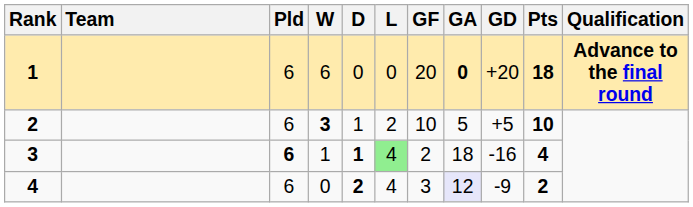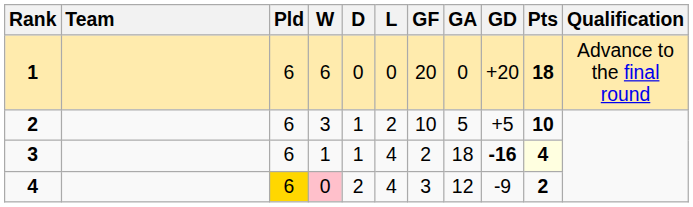 <table class="wikitable" style="text-align: center;">
 <tr>
 <th width=30>Rank</th>
 <th width=165 style="text-align:left;">Team</th>
 <th width=20>Pld</th>
 <th width=20>W</th>
 <th width=20>D</th>
 <th width=20>L</th>
 <th width=20>GF</th>
 <th width=20>GA</th>
 <th width=20>GD</th>
 <th width=20>Pts</th>
 <th width=20>Qualification</th>
 </tr>
 <tr style="background:#ffebad;">
 <td><strong>1</strong></td>
 <td style="text-align:left;"></td>
 <td>6</td>
 <td>6</td>
 <td>0</td>
 <td>0</td>
 <td>20</td>
-<td><strong>0</strong></td>
+<td>0</td>
 <td>+20</td>
 <td><strong>18</strong></td>
-<td><strong>Advance to the <a href='#'>final round</a></strong></td>
+<td>Advance to the <a href='#'>final round</a></td>
 </tr>
 <tr>
 <td><strong>2</strong></td>
 <td style="text-align:left;"></td>
 <td>6</td>
-<td><strong>3</strong></td>
+<td>3</td>
 <td>1</td>
 <td>2</td>
 <td>10</td>
 <td>5</td>
 <td>+5</td>
 <td><strong>10</strong></td>
 </tr>
 <tr>
 <td><strong>3</strong></td>
 <td style="text-align:left;"></td>
-<td><strong>6</strong></td>
+<td>6</td>
 <td>1</td>
-<td><strong>1</strong></td>
-<td style="background: lightgreen;">4</td>
+<td>1</td>
+<td>4</td>
 <td>2</td>
 <td>18</td>
-<td>-16</td>
-<td><strong>4</strong></td>
+<td><strong>-16</strong></td>
+<td style="background: lightyellow;"><strong>4</strong></td>
 </tr>
 <tr>
 <td><strong>4</strong></td>
 <td style="text-align:left;"></td>
-<td>6</td>
-<td>0</td>
-<td><strong>2</strong></td>
+<td style="background: gold;">6</td>
+<td style="background: pink;">0</td>
+<td>2</td>
 <td>4</td>
 <td>3</td>
-<td style="background: lavender;">12</td>
+<td>12</td>
 <td>-9</td>
 <td><strong>2</strong></td>
 </tr>
 </table>
